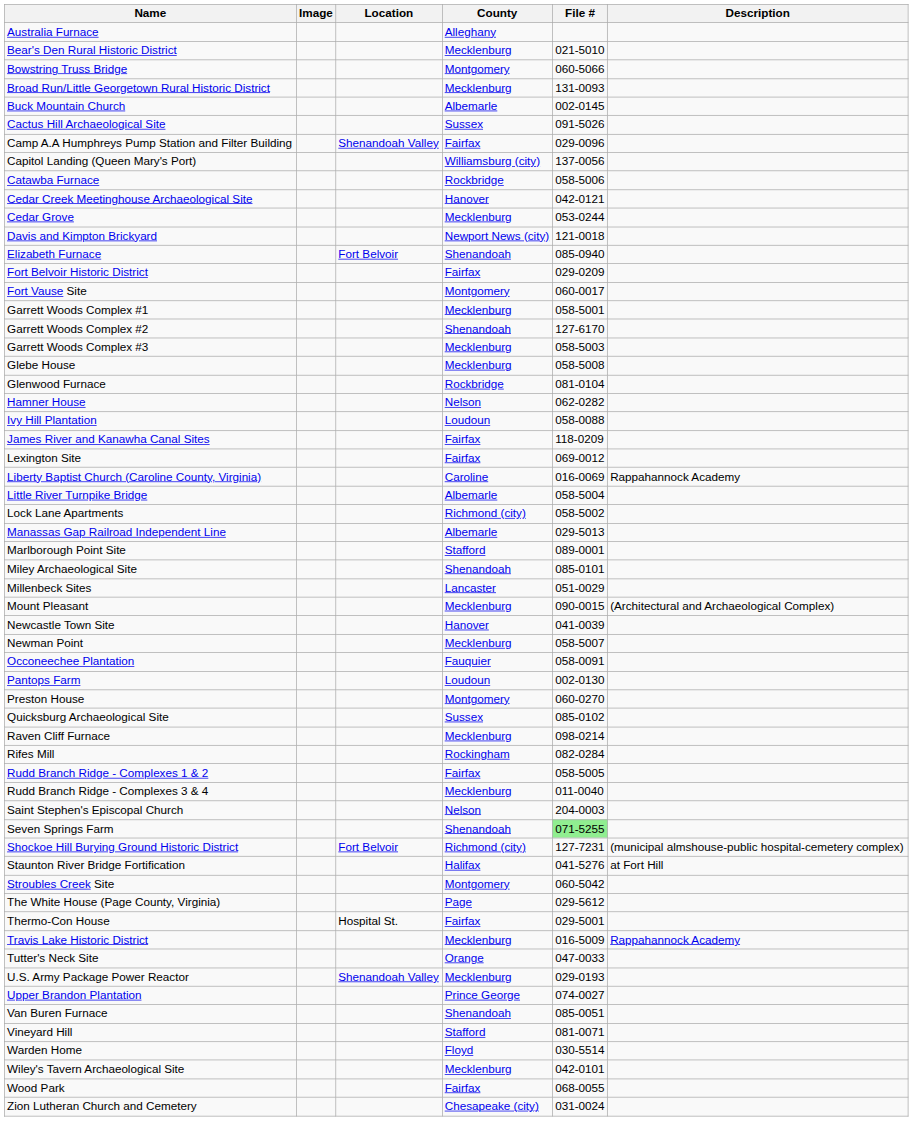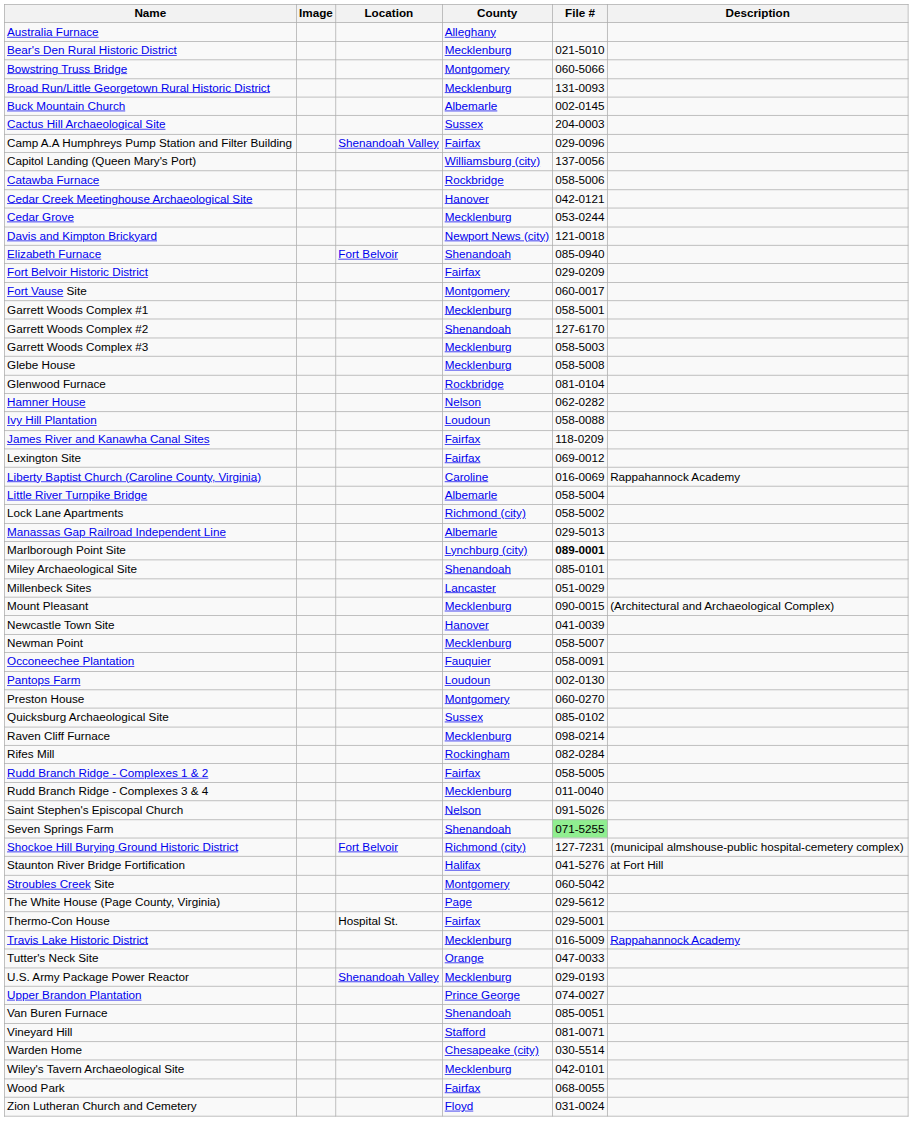 <table class="wikitable sortable" style="width:98%">
 <tr>
 <th style="background-color:">Name</th>
 <th style="background-color:">Image</th>
 <th style="background-color:">Location</th>
 <th style="background-color:">County</th>
 <th style="background-color:">File #</th>
 <th style="background-color:">Description</th>
 </tr>
 <tr>
 <td><a href='#'>Australia Furnace</a></td>
 <td></td>
 <td></td>
 <td><a href='#'>Alleghany</a></td>
 <td></td>
 <td></td>
 </tr>
 <tr>
 <td><a href='#'>Bear's Den Rural Historic District</a></td>
 <td></td>
 <td></td>
 <td><a href='#'>Mecklenburg</a></td>
 <td>021-5010</td>
 <td></td>
 </tr>
 <tr>
 <td><a href='#'>Bowstring Truss Bridge</a></td>
 <td></td>
 <td></td>
 <td><a href='#'>Montgomery</a></td>
 <td>060-5066</td>
 <td></td>
 </tr>
 <tr>
 <td><a href='#'>Broad Run/Little Georgetown Rural Historic District</a></td>
 <td></td>
 <td></td>
 <td><a href='#'>Mecklenburg</a></td>
 <td>131-0093</td>
 <td></td>
 </tr>
 <tr>
 <td><a href='#'>Buck Mountain Church</a></td>
 <td></td>
 <td></td>
 <td><a href='#'>Albemarle</a></td>
 <td>002-0145</td>
 <td></td>
 </tr>
 <tr>
 <td><a href='#'>Cactus Hill Archaeological Site</a></td>
 <td></td>
 <td></td>
 <td><a href='#'>Sussex</a></td>
-<td>091-5026</td>
+<td>204-0003</td>
 <td></td>
 </tr>
 <tr>
 <td>Camp A.A Humphreys Pump Station and Filter Building</td>
 <td></td>
 <td><a href='#'>Shenandoah Valley</a></td>
 <td><a href='#'>Fairfax</a></td>
 <td>029-0096</td>
 <td></td>
 </tr>
 <tr>
 <td>Capitol Landing (Queen Mary's Port)</td>
 <td></td>
 <td></td>
 <td><a href='#'>Williamsburg (city)</a></td>
 <td>137-0056</td>
 <td></td>
 </tr>
 <tr>
 <td><a href='#'>Catawba Furnace</a></td>
 <td></td>
 <td></td>
 <td><a href='#'>Rockbridge</a></td>
 <td>058-5006</td>
 <td></td>
 </tr>
 <tr>
 <td><a href='#'>Cedar Creek Meetinghouse Archaeological Site</a></td>
 <td></td>
 <td></td>
 <td><a href='#'>Hanover</a></td>
 <td>042-0121</td>
 <td></td>
 </tr>
 <tr>
 <td><a href='#'>Cedar Grove</a></td>
 <td></td>
 <td></td>
 <td><a href='#'>Mecklenburg</a></td>
 <td>053-0244</td>
 <td></td>
 </tr>
 <tr>
 <td><a href='#'>Davis and Kimpton Brickyard</a></td>
 <td></td>
 <td></td>
 <td><a href='#'>Newport News (city)</a></td>
 <td>121-0018</td>
 <td></td>
 </tr>
 <tr>
 <td><a href='#'>Elizabeth Furnace</a></td>
 <td></td>
 <td><a href='#'>Fort Belvoir</a></td>
 <td><a href='#'>Shenandoah</a></td>
 <td>085-0940</td>
 <td></td>
 </tr>
 <tr>
 <td><a href='#'>Fort Belvoir Historic District</a></td>
 <td></td>
 <td></td>
 <td><a href='#'>Fairfax</a></td>
 <td>029-0209</td>
 <td></td>
 </tr>
 <tr>
 <td><a href='#'>Fort Vause</a> Site</td>
 <td></td>
 <td></td>
 <td><a href='#'>Montgomery</a></td>
 <td>060-0017</td>
 <td></td>
 </tr>
 <tr>
 <td>Garrett Woods Complex #1</td>
 <td></td>
 <td></td>
 <td><a href='#'>Mecklenburg</a></td>
 <td>058-5001</td>
 <td></td>
 </tr>
 <tr>
 <td>Garrett Woods Complex #2</td>
 <td></td>
 <td></td>
 <td><a href='#'>Shenandoah</a></td>
 <td>127-6170</td>
 <td></td>
 </tr>
 <tr>
 <td>Garrett Woods Complex #3</td>
 <td></td>
 <td></td>
 <td><a href='#'>Mecklenburg</a></td>
 <td>058-5003</td>
 <td></td>
 </tr>
 <tr>
 <td>Glebe House</td>
 <td></td>
 <td></td>
 <td><a href='#'>Mecklenburg</a></td>
 <td>058-5008</td>
 <td></td>
 </tr>
 <tr>
 <td>Glenwood Furnace</td>
 <td></td>
 <td></td>
 <td><a href='#'>Rockbridge</a></td>
 <td>081-0104</td>
 <td></td>
 </tr>
 <tr>
 <td><a href='#'>Hamner House</a></td>
 <td></td>
 <td></td>
 <td><a href='#'>Nelson</a></td>
 <td>062-0282</td>
 <td></td>
 </tr>
 <tr>
 <td><a href='#'>Ivy Hill Plantation</a></td>
 <td></td>
 <td></td>
 <td><a href='#'>Loudoun</a></td>
 <td>058-0088</td>
 <td></td>
 </tr>
 <tr>
 <td><a href='#'>James River and Kanawha Canal Sites</a></td>
 <td></td>
 <td></td>
 <td><a href='#'>Fairfax</a></td>
 <td>118-0209</td>
 <td></td>
 </tr>
 <tr>
 <td>Lexington Site</td>
 <td></td>
 <td></td>
 <td><a href='#'>Fairfax</a></td>
 <td>069-0012</td>
 <td></td>
 </tr>
 <tr>
 <td><a href='#'>Liberty Baptist Church (Caroline County, Virginia)</a></td>
 <td></td>
 <td></td>
 <td><a href='#'>Caroline</a></td>
 <td>016-0069</td>
 <td>Rappahannock Academy</td>
 </tr>
 <tr>
 <td><a href='#'>Little River Turnpike Bridge</a></td>
 <td></td>
 <td></td>
 <td><a href='#'>Albemarle</a></td>
 <td>058-5004</td>
 <td></td>
 </tr>
 <tr>
 <td>Lock Lane Apartments</td>
 <td></td>
 <td></td>
 <td><a href='#'>Richmond (city)</a></td>
 <td>058-5002</td>
 <td></td>
 </tr>
 <tr>
 <td><a href='#'>Manassas Gap Railroad Independent Line</a></td>
 <td></td>
 <td></td>
 <td><a href='#'>Albemarle</a></td>
 <td>029-5013</td>
 <td></td>
 </tr>
 <tr>
 <td>Marlborough Point Site</td>
 <td></td>
 <td></td>
-<td><a href='#'>Stafford</a></td>
-<td>089-0001</td>
+<td><a href='#'>Lynchburg (city)</a></td>
+<td><strong>089-0001</strong></td>
 <td></td>
 </tr>
 <tr>
 <td>Miley Archaeological Site</td>
 <td></td>
 <td></td>
 <td><a href='#'>Shenandoah</a></td>
 <td>085-0101</td>
 <td></td>
 </tr>
 <tr>
 <td>Millenbeck Sites</td>
 <td></td>
 <td></td>
 <td><a href='#'>Lancaster</a></td>
 <td>051-0029</td>
 <td></td>
 </tr>
 <tr>
 <td>Mount Pleasant</td>
 <td></td>
 <td></td>
 <td><a href='#'>Mecklenburg</a></td>
 <td>090-0015</td>
 <td>(Architectural and Archaeological Complex)</td>
 </tr>
 <tr>
 <td>Newcastle Town Site</td>
 <td></td>
 <td></td>
 <td><a href='#'>Hanover</a></td>
 <td>041-0039</td>
 <td></td>
 </tr>
 <tr>
 <td>Newman Point</td>
 <td></td>
 <td></td>
 <td><a href='#'>Mecklenburg</a></td>
 <td>058-5007</td>
 <td></td>
 </tr>
 <tr>
 <td><a href='#'>Occoneechee Plantation</a></td>
 <td></td>
 <td></td>
 <td><a href='#'>Fauquier</a></td>
 <td>058-0091</td>
 <td></td>
 </tr>
 <tr>
 <td><a href='#'>Pantops Farm</a></td>
 <td></td>
 <td></td>
 <td><a href='#'>Loudoun</a></td>
 <td>002-0130</td>
 <td></td>
 </tr>
 <tr>
 <td>Preston House</td>
 <td></td>
 <td></td>
 <td><a href='#'>Montgomery</a></td>
 <td>060-0270</td>
 <td></td>
 </tr>
 <tr>
 <td>Quicksburg Archaeological Site</td>
 <td></td>
 <td></td>
 <td><a href='#'>Sussex</a></td>
 <td>085-0102</td>
 <td></td>
 </tr>
 <tr>
 <td>Raven Cliff Furnace</td>
 <td></td>
 <td></td>
 <td><a href='#'>Mecklenburg</a></td>
 <td>098-0214</td>
 <td></td>
 </tr>
 <tr>
 <td>Rifes Mill</td>
 <td></td>
 <td></td>
 <td><a href='#'>Rockingham</a></td>
 <td>082-0284</td>
 <td></td>
 </tr>
 <tr>
 <td><a href='#'>Rudd Branch Ridge - Complexes 1 & 2</a></td>
 <td></td>
 <td></td>
 <td><a href='#'>Fairfax</a></td>
 <td>058-5005</td>
 <td></td>
 </tr>
 <tr>
 <td>Rudd Branch Ridge - Complexes 3 & 4</td>
 <td></td>
 <td></td>
 <td><a href='#'>Mecklenburg</a></td>
 <td>011-0040</td>
 <td></td>
 </tr>
 <tr>
 <td>Saint Stephen's Episcopal Church</td>
 <td></td>
 <td></td>
 <td><a href='#'>Nelson</a></td>
-<td>204-0003</td>
+<td>091-5026</td>
 <td></td>
 </tr>
 <tr>
 <td>Seven Springs Farm</td>
 <td></td>
 <td></td>
 <td><a href='#'>Shenandoah</a></td>
 <td style="background: lightgreen;">071-5255</td>
 <td></td>
 </tr>
 <tr>
 <td><a href='#'>Shockoe Hill Burying Ground Historic District</a></td>
 <td></td>
 <td><a href='#'>Fort Belvoir</a></td>
 <td><a href='#'>Richmond (city)</a></td>
 <td>127-7231</td>
 <td>(municipal almshouse-public hospital-cemetery complex)</td>
 </tr>
 <tr>
 <td>Staunton River Bridge Fortification</td>
 <td></td>
 <td></td>
 <td><a href='#'>Halifax</a></td>
 <td>041-5276</td>
 <td>at Fort Hill</td>
 </tr>
 <tr>
 <td><a href='#'>Stroubles Creek</a> Site</td>
 <td></td>
 <td></td>
 <td><a href='#'>Montgomery</a></td>
 <td>060-5042</td>
 <td></td>
 </tr>
 <tr>
 <td>The White House (Page County, Virginia)</td>
 <td></td>
 <td></td>
 <td><a href='#'>Page</a></td>
 <td>029-5612</td>
 <td></td>
 </tr>
 <tr>
 <td>Thermo-Con House</td>
 <td></td>
 <td>Hospital St.</td>
 <td><a href='#'>Fairfax</a></td>
 <td>029-5001</td>
 <td></td>
 </tr>
 <tr>
 <td><a href='#'>Travis Lake Historic District</a></td>
 <td></td>
 <td></td>
 <td><a href='#'>Mecklenburg</a></td>
 <td>016-5009</td>
 <td><a href='#'>Rappahannock Academy</a></td>
 </tr>
 <tr>
 <td>Tutter's Neck Site</td>
 <td></td>
 <td></td>
 <td><a href='#'>Orange</a></td>
 <td>047-0033</td>
 <td></td>
 </tr>
 <tr>
 <td>U.S. Army Package Power Reactor</td>
 <td></td>
 <td><a href='#'>Shenandoah Valley</a></td>
 <td><a href='#'>Mecklenburg</a></td>
 <td>029-0193</td>
 <td></td>
 </tr>
 <tr>
 <td><a href='#'>Upper Brandon Plantation</a></td>
 <td></td>
 <td></td>
 <td><a href='#'>Prince George</a></td>
 <td>074-0027</td>
 <td></td>
 </tr>
 <tr>
 <td>Van Buren Furnace</td>
 <td></td>
 <td></td>
 <td><a href='#'>Shenandoah</a></td>
 <td>085-0051</td>
 <td></td>
 </tr>
 <tr>
 <td>Vineyard Hill</td>
 <td></td>
 <td></td>
 <td><a href='#'>Stafford</a></td>
 <td>081-0071</td>
 <td></td>
 </tr>
 <tr>
 <td>Warden Home</td>
 <td></td>
 <td></td>
-<td><a href='#'>Floyd</a></td>
+<td><a href='#'>Chesapeake (city)</a></td>
 <td>030-5514</td>
 <td></td>
 </tr>
 <tr>
 <td>Wiley's Tavern Archaeological Site</td>
 <td></td>
 <td></td>
 <td><a href='#'>Mecklenburg</a></td>
 <td>042-0101</td>
 <td></td>
 </tr>
 <tr>
 <td>Wood Park</td>
 <td></td>
 <td></td>
 <td><a href='#'>Fairfax</a></td>
 <td>068-0055</td>
 <td></td>
 </tr>
 <tr>
 <td>Zion Lutheran Church and Cemetery</td>
 <td></td>
 <td></td>
-<td><a href='#'>Chesapeake (city)</a></td>
+<td><a href='#'>Floyd</a></td>
 <td>031-0024</td>
 <td></td>
 </tr>
 </table>
